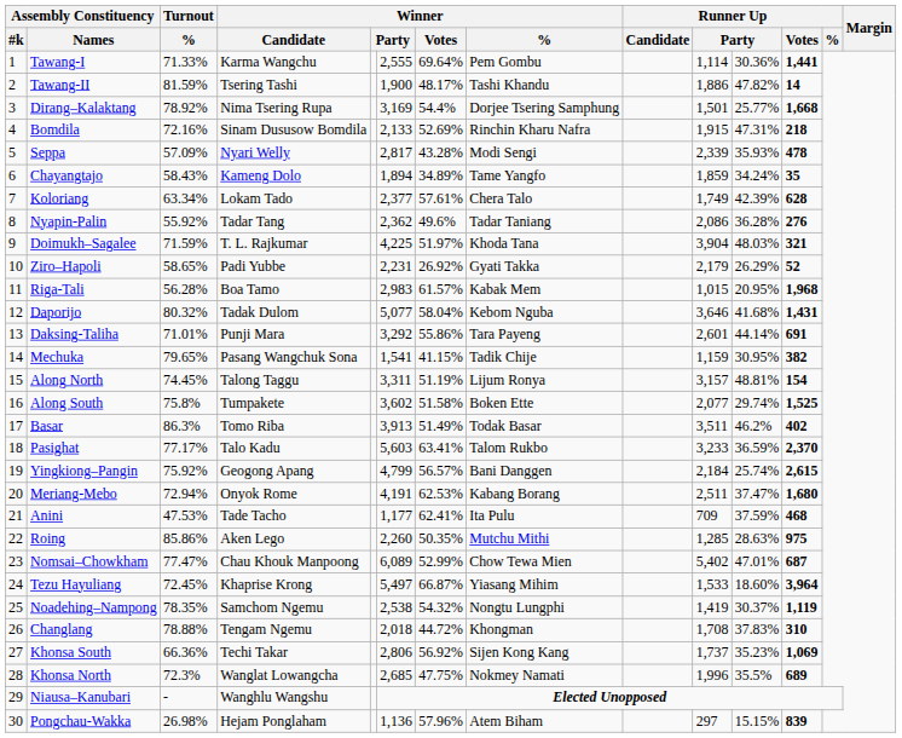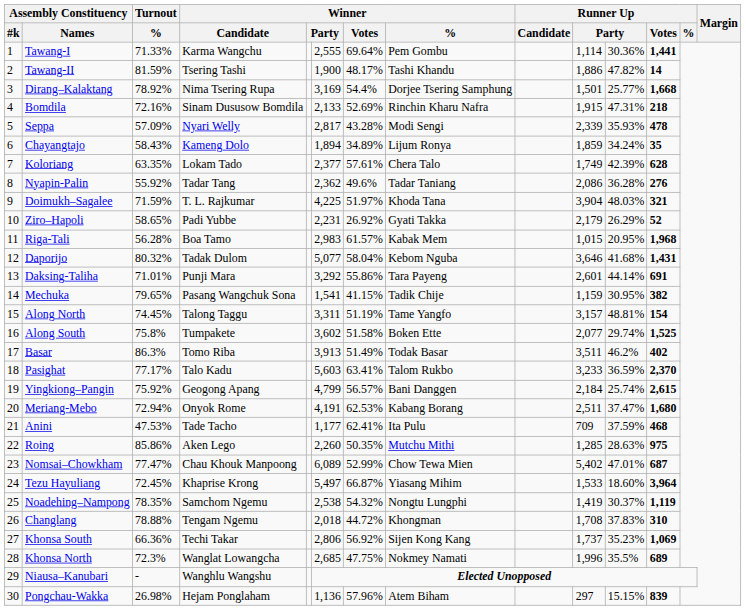 <table class="wikitable sortable">
 <tr>
 <th colspan="2">Assembly Constituency</th>
 <th>Turnout</th>
 <th colspan="5">Winner</th>
 <th colspan="5">Runner Up</th>
 <th rowspan="2" data-sort-type=number>Margin</th>
 </tr>
 <tr>
 <th>#k</th>
 <th>Names</th>
 <th>%</th>
 <th>Candidate</th>
 <th colspan="2">Party</th>
 <th data-sort-type=number>Votes</th>
 <th>%</th>
 <th>Candidate</th>
 <th colspan="2">Party</th>
 <th data-sort-type=number>Votes</th>
 <th>%</th>
 </tr>
 <tr>
 <td>1</td>
 <td><a href='#'>Tawang-I</a></td>
 <td>71.33%</td>
 <td>Karma Wangchu</td>
 <td></td>
 <td>2,555</td>
 <td>69.64%</td>
 <td>Pem Gombu</td>
 <td></td>
 <td>1,114</td>
 <td>30.36%</td>
 <td style="background:"><span><strong>1,441</strong></span></td>
 </tr>
 <tr>
 <td>2</td>
 <td><a href='#'>Tawang-II</a></td>
 <td>81.59%</td>
 <td>Tsering Tashi</td>
 <td></td>
 <td>1,900</td>
 <td>48.17%</td>
 <td>Tashi Khandu</td>
 <td></td>
 <td>1,886</td>
 <td>47.82%</td>
 <td style="background:"><span><strong>14</strong></span></td>
 </tr>
 <tr>
 <td>3</td>
 <td><a href='#'>Dirang–Kalaktang</a></td>
 <td>78.92%</td>
 <td>Nima Tsering Rupa</td>
 <td></td>
 <td>3,169</td>
 <td>54.4%</td>
 <td>Dorjee Tsering Samphung</td>
 <td></td>
 <td>1,501</td>
 <td>25.77%</td>
 <td style="background:"><span><strong>1,668</strong></span></td>
 </tr>
 <tr>
 <td>4</td>
 <td><a href='#'>Bomdila</a></td>
 <td>72.16%</td>
 <td>Sinam Dususow Bomdila</td>
 <td></td>
 <td>2,133</td>
 <td>52.69%</td>
 <td>Rinchin Kharu Nafra</td>
 <td></td>
 <td>1,915</td>
 <td>47.31%</td>
 <td style="background:"><span><strong>218</strong></span></td>
 </tr>
 <tr>
 <td>5</td>
 <td><a href='#'>Seppa</a></td>
 <td>57.09%</td>
 <td><a href='#'>Nyari Welly</a></td>
 <td></td>
 <td>2,817</td>
 <td>43.28%</td>
 <td>Modi Sengi</td>
 <td></td>
 <td>2,339</td>
 <td>35.93%</td>
 <td style="background:"><span><strong>478</strong></span></td>
 </tr>
 <tr>
 <td>6</td>
 <td><a href='#'>Chayangtajo</a></td>
 <td>58.43%</td>
 <td><a href='#'>Kameng Dolo</a></td>
 <td></td>
 <td>1,894</td>
 <td>34.89%</td>
-<td>Tame Yangfo</td>
+<td>Lijum Ronya</td>
 <td></td>
 <td>1,859</td>
 <td>34.24%</td>
 <td style="background:"><span><strong>35</strong></span></td>
 </tr>
 <tr>
 <td>7</td>
 <td><a href='#'>Koloriang</a></td>
-<td>63.34%</td>
+<td>63.35%</td>
 <td>Lokam Tado</td>
 <td></td>
 <td>2,377</td>
 <td>57.61%</td>
 <td>Chera Talo</td>
 <td></td>
 <td>1,749</td>
 <td>42.39%</td>
 <td style="background:"><span><strong>628</strong></span></td>
 </tr>
 <tr>
 <td>8</td>
 <td><a href='#'>Nyapin-Palin</a></td>
 <td>55.92%</td>
 <td>Tadar Tang</td>
 <td></td>
 <td>2,362</td>
 <td>49.6%</td>
 <td>Tadar Taniang</td>
 <td></td>
 <td>2,086</td>
 <td>36.28%</td>
 <td style="background:"><span><strong>276</strong></span></td>
 </tr>
 <tr>
 <td>9</td>
 <td><a href='#'>Doimukh–Sagalee</a></td>
 <td>71.59%</td>
 <td>T. L. Rajkumar</td>
 <td></td>
 <td>4,225</td>
 <td>51.97%</td>
 <td>Khoda Tana</td>
 <td></td>
 <td>3,904</td>
 <td>48.03%</td>
 <td style="background:"><span><strong>321</strong></span></td>
 </tr>
 <tr>
 <td>10</td>
 <td><a href='#'>Ziro–Hapoli</a></td>
 <td>58.65%</td>
 <td>Padi Yubbe</td>
 <td></td>
 <td>2,231</td>
 <td>26.92%</td>
 <td>Gyati Takka</td>
 <td></td>
 <td>2,179</td>
 <td>26.29%</td>
 <td style="background:"><span><strong>52</strong></span></td>
 </tr>
 <tr>
 <td>11</td>
 <td><a href='#'>Riga-Tali</a></td>
 <td>56.28%</td>
 <td>Boa Tamo</td>
 <td></td>
 <td>2,983</td>
 <td>61.57%</td>
 <td>Kabak Mem</td>
 <td></td>
 <td>1,015</td>
 <td>20.95%</td>
 <td style="background:"><span><strong>1,968</strong></span></td>
 </tr>
 <tr>
 <td>12</td>
 <td><a href='#'>Daporijo</a></td>
 <td>80.32%</td>
 <td>Tadak Dulom</td>
 <td></td>
 <td>5,077</td>
 <td>58.04%</td>
 <td>Kebom Nguba</td>
 <td></td>
 <td>3,646</td>
 <td>41.68%</td>
 <td style="background:"><span><strong>1,431</strong></span></td>
 </tr>
 <tr>
 <td>13</td>
 <td><a href='#'>Daksing-Taliha</a></td>
 <td>71.01%</td>
 <td>Punji Mara</td>
 <td></td>
 <td>3,292</td>
 <td>55.86%</td>
 <td>Tara Payeng</td>
 <td></td>
 <td>2,601</td>
 <td>44.14%</td>
 <td style="background:"><span><strong>691</strong></span></td>
 </tr>
 <tr>
 <td>14</td>
 <td><a href='#'>Mechuka</a></td>
 <td>79.65%</td>
 <td>Pasang Wangchuk Sona</td>
 <td></td>
 <td>1,541</td>
 <td>41.15%</td>
 <td>Tadik Chije</td>
 <td></td>
 <td>1,159</td>
 <td>30.95%</td>
 <td style="background:"><span><strong>382</strong></span></td>
 </tr>
 <tr>
 <td>15</td>
 <td><a href='#'>Along North</a></td>
 <td>74.45%</td>
 <td>Talong Taggu</td>
 <td></td>
 <td>3,311</td>
 <td>51.19%</td>
-<td>Lijum Ronya</td>
+<td>Tame Yangfo</td>
 <td></td>
 <td>3,157</td>
 <td>48.81%</td>
 <td style="background:"><span><strong>154</strong></span></td>
 </tr>
 <tr>
 <td>16</td>
 <td><a href='#'>Along South</a></td>
 <td>75.8%</td>
 <td>Tumpakete</td>
 <td></td>
 <td>3,602</td>
 <td>51.58%</td>
 <td>Boken Ette</td>
 <td></td>
 <td>2,077</td>
 <td>29.74%</td>
 <td style="background:"><span><strong>1,525</strong></span></td>
 </tr>
 <tr>
 <td>17</td>
 <td><a href='#'>Basar</a></td>
 <td>86.3%</td>
 <td>Tomo Riba</td>
 <td></td>
 <td>3,913</td>
 <td>51.49%</td>
 <td>Todak Basar</td>
 <td></td>
 <td>3,511</td>
 <td>46.2%</td>
 <td style="background:"><span><strong>402</strong></span></td>
 </tr>
 <tr>
 <td>18</td>
 <td><a href='#'>Pasighat</a></td>
 <td>77.17%</td>
 <td>Talo Kadu</td>
 <td></td>
 <td>5,603</td>
 <td>63.41%</td>
 <td>Talom Rukbo</td>
 <td></td>
 <td>3,233</td>
 <td>36.59%</td>
 <td style="background:"><span><strong>2,370</strong></span></td>
 </tr>
 <tr>
 <td>19</td>
 <td><a href='#'>Yingkiong–Pangin</a></td>
 <td>75.92%</td>
 <td>Geogong Apang</td>
 <td></td>
 <td>4,799</td>
 <td>56.57%</td>
 <td>Bani Danggen</td>
 <td></td>
 <td>2,184</td>
 <td>25.74%</td>
 <td style="background:"><span><strong>2,615</strong></span></td>
 </tr>
 <tr>
 <td>20</td>
 <td><a href='#'>Meriang-Mebo</a></td>
 <td>72.94%</td>
 <td>Onyok Rome</td>
 <td></td>
 <td>4,191</td>
 <td>62.53%</td>
 <td>Kabang Borang</td>
 <td></td>
 <td>2,511</td>
 <td>37.47%</td>
 <td style="background:"><span><strong>1,680</strong></span></td>
 </tr>
 <tr>
 <td>21</td>
 <td><a href='#'>Anini</a></td>
 <td>47.53%</td>
 <td>Tade Tacho</td>
 <td></td>
 <td>1,177</td>
 <td>62.41%</td>
 <td>Ita Pulu</td>
 <td></td>
 <td>709</td>
 <td>37.59%</td>
 <td style="background:"><span><strong>468</strong></span></td>
 </tr>
 <tr>
 <td>22</td>
 <td><a href='#'>Roing</a></td>
 <td>85.86%</td>
 <td>Aken Lego</td>
 <td></td>
 <td>2,260</td>
 <td>50.35%</td>
 <td><a href='#'>Mutchu Mithi</a></td>
 <td></td>
 <td>1,285</td>
 <td>28.63%</td>
 <td style="background:"><span><strong>975</strong></span></td>
 </tr>
 <tr>
 <td>23</td>
 <td><a href='#'>Nomsai–Chowkham</a></td>
 <td>77.47%</td>
 <td>Chau Khouk Manpoong</td>
 <td></td>
 <td>6,089</td>
 <td>52.99%</td>
 <td>Chow Tewa Mien</td>
 <td></td>
 <td>5,402</td>
 <td>47.01%</td>
 <td style="background:"><span><strong>687</strong></span></td>
 </tr>
 <tr>
 <td>24</td>
 <td><a href='#'>Tezu Hayuliang</a></td>
 <td>72.45%</td>
 <td>Khaprise Krong</td>
 <td></td>
 <td>5,497</td>
 <td>66.87%</td>
 <td>Yiasang Mihim</td>
 <td></td>
 <td>1,533</td>
 <td>18.60%</td>
 <td style="background:"><span><strong>3,964</strong></span></td>
 </tr>
 <tr>
 <td>25</td>
 <td><a href='#'>Noadehing–Nampong</a></td>
 <td>78.35%</td>
 <td>Samchom Ngemu</td>
 <td></td>
 <td>2,538</td>
 <td>54.32%</td>
 <td>Nongtu Lungphi</td>
 <td></td>
 <td>1,419</td>
 <td>30.37%</td>
 <td style="background:"><span><strong>1,119</strong></span></td>
 </tr>
 <tr>
 <td>26</td>
 <td><a href='#'>Changlang</a></td>
 <td>78.88%</td>
 <td>Tengam Ngemu</td>
 <td></td>
 <td>2,018</td>
 <td>44.72%</td>
 <td>Khongman</td>
 <td></td>
 <td>1,708</td>
 <td>37.83%</td>
 <td style="background:"><span><strong>310</strong></span></td>
 </tr>
 <tr>
 <td>27</td>
 <td><a href='#'>Khonsa South</a></td>
 <td>66.36%</td>
 <td>Techi Takar</td>
 <td></td>
 <td>2,806</td>
 <td>56.92%</td>
 <td>Sijen Kong Kang</td>
 <td></td>
 <td>1,737</td>
 <td>35.23%</td>
 <td style="background:"><span><strong>1,069</strong></span></td>
 </tr>
 <tr>
 <td>28</td>
 <td><a href='#'>Khonsa North</a></td>
 <td>72.3%</td>
 <td>Wanglat Lowangcha</td>
 <td></td>
 <td>2,685</td>
 <td>47.75%</td>
 <td>Nokmey Namati</td>
 <td></td>
 <td>1,996</td>
 <td>35.5%</td>
 <td style="background:"><span><strong>689</strong></span></td>
 </tr>
 <tr>
 <td>29</td>
 <td><a href='#'>Niausa–Kanubari</a></td>
 <td>-</td>
 <td>Wanghlu Wangshu</td>
 <td></td>
 <td colspan=8 style="text-align:center;"><strong><em>Elected Unopposed</em></strong></td>
 </tr>
 <tr>
 <td>30</td>
 <td><a href='#'>Pongchau-Wakka</a></td>
 <td>26.98%</td>
 <td>Hejam Ponglaham</td>
 <td></td>
 <td>1,136</td>
 <td>57.96%</td>
 <td>Atem Biham</td>
 <td></td>
 <td>297</td>
 <td>15.15%</td>
 <td style="background:"><span><strong>839</strong></span></td>
 </tr>
 </table>
